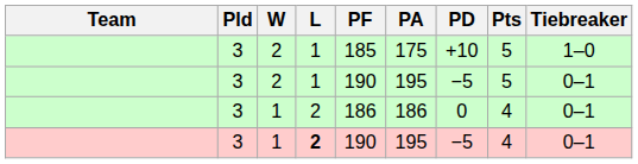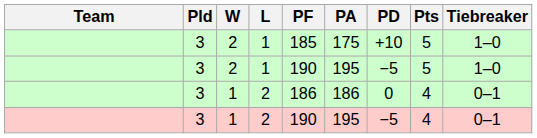 <table class="wikitable" style="text-align:center;">
 <tr>
 <th width=170>Team</th>
 <th width=25>Pld</th>
 <th width=25>W</th>
 <th width=25>L</th>
 <th width=35>PF</th>
 <th width=35>PA</th>
 <th width=35>PD</th>
 <th width=25>Pts</th>
 <th width=50>Tiebreaker</th>
 </tr>
 <tr bgcolor=ccffcc>
 <td align="left"></td>
 <td>3</td>
 <td>2</td>
 <td>1</td>
 <td>185</td>
 <td>175</td>
 <td>+10</td>
 <td>5</td>
 <td>1–0</td>
 </tr>
 <tr bgcolor=ccffcc>
 <td align="left"></td>
 <td>3</td>
 <td>2</td>
 <td>1</td>
 <td>190</td>
 <td>195</td>
 <td>−5</td>
 <td>5</td>
-<td>0–1</td>
+<td>1–0</td>
 </tr>
 <tr bgcolor=ccffcc>
 <td align="left"></td>
 <td>3</td>
 <td>1</td>
 <td>2</td>
 <td>186</td>
 <td>186</td>
 <td>0</td>
 <td>4</td>
 <td>0–1</td>
 </tr>
 <tr bgcolor=ffcccc>
 <td align="left"></td>
 <td>3</td>
 <td>1</td>
-<td><strong>2</strong></td>
+<td>2</td>
 <td>190</td>
 <td>195</td>
 <td>−5</td>
 <td>4</td>
 <td>0–1</td>
 </tr>
 </table>
